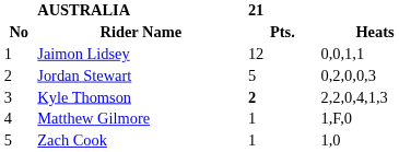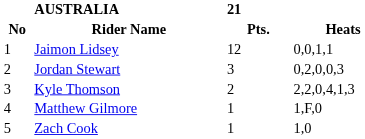 <table class="toccolours">
 <tr>
 <td></td>
 <td><strong>AUSTRALIA</strong></td>
 <td><strong>21</strong></td>
 </tr>
 <tr style="background-color:">
 <th width=30px>No</th>
 <th width=210px>Rider Name</th>
 <th width=70px>Pts.</th>
 <th width=110px>Heats</th>
 </tr>
 <tr style="background-color:">
 <td>1</td>
 <td><a href='#'>Jaimon Lidsey</a></td>
 <td>12</td>
 <td>0,0,1,1</td>
 </tr>
 <tr style="background-color:">
 <td>2</td>
 <td><a href='#'>Jordan Stewart</a></td>
-<td>5</td>
+<td>3</td>
 <td>0,2,0,0,3</td>
 </tr>
 <tr style="background-color:">
 <td>3</td>
 <td><a href='#'>Kyle Thomson</a></td>
-<td><strong>2</strong></td>
+<td>2</td>
 <td>2,2,0,4,1,3</td>
 </tr>
 <tr style="background-color:">
 <td>4</td>
 <td><a href='#'>Matthew Gilmore</a></td>
 <td>1</td>
 <td>1,F,0</td>
 </tr>
 <tr style="background-color:">
 <td>5</td>
 <td><a href='#'>Zach Cook</a></td>
 <td>1</td>
 <td>1,0</td>
 </tr>
 </table>
